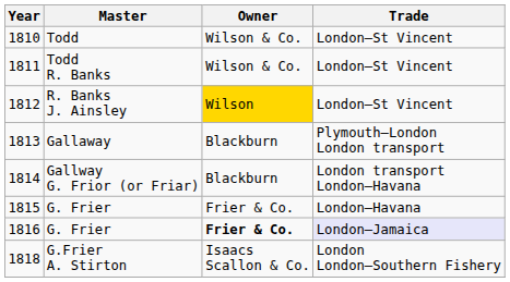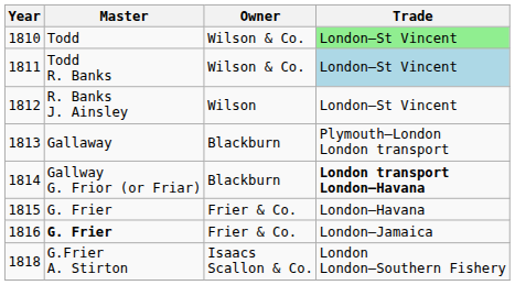 <table class="sortable wikitable">
 <tr>
 <th>Year</th>
 <th>Master</th>
 <th>Owner</th>
 <th>Trade</th>
 </tr>
 <tr>
 <td>1810</td>
 <td>Todd</td>
 <td>Wilson & Co.</td>
-<td>London—St Vincent</td>
+<td style="background: lightgreen;">London—St Vincent</td>
 </tr>
 <tr>
 <td>1811</td>
 <td>Todd<br>R. Banks</td>
 <td>Wilson & Co.</td>
-<td>London—St Vincent</td>
+<td style="background: lightblue;">London—St Vincent</td>
 </tr>
 <tr>
 <td>1812</td>
 <td>R. Banks<br>J. Ainsley</td>
-<td style="background: gold;">Wilson</td>
+<td>Wilson</td>
 <td>London—St Vincent</td>
 </tr>
 <tr>
 <td>1813</td>
 <td>Gallaway</td>
 <td>Blackburn</td>
 <td>Plymouth—London<br>London transport</td>
 </tr>
 <tr>
 <td>1814</td>
 <td>Gallway<br>G. Frior (or Friar)</td>
 <td>Blackburn</td>
-<td>London transport<br>London—Havana</td>
+<td><strong>London transport<br>London—Havana</strong></td>
 </tr>
 <tr>
 <td>1815</td>
 <td>G. Frier</td>
 <td>Frier & Co.</td>
 <td>London—Havana</td>
 </tr>
 <tr>
 <td>1816</td>
-<td>G. Frier</td>
-<td><strong>Frier & Co.</strong></td>
-<td style="background: lavender;">London—Jamaica</td>
+<td><strong>G. Frier</strong></td>
+<td>Frier & Co.</td>
+<td>London—Jamaica</td>
 </tr>
 <tr>
 <td>1818</td>
 <td>G.Frier<br>A. Stirton</td>
 <td>Isaacs<br>Scallon & Co.</td>
 <td>London<br>London—Southern Fishery</td>
 </tr>
 <tr>
 </tr>
 </table>
